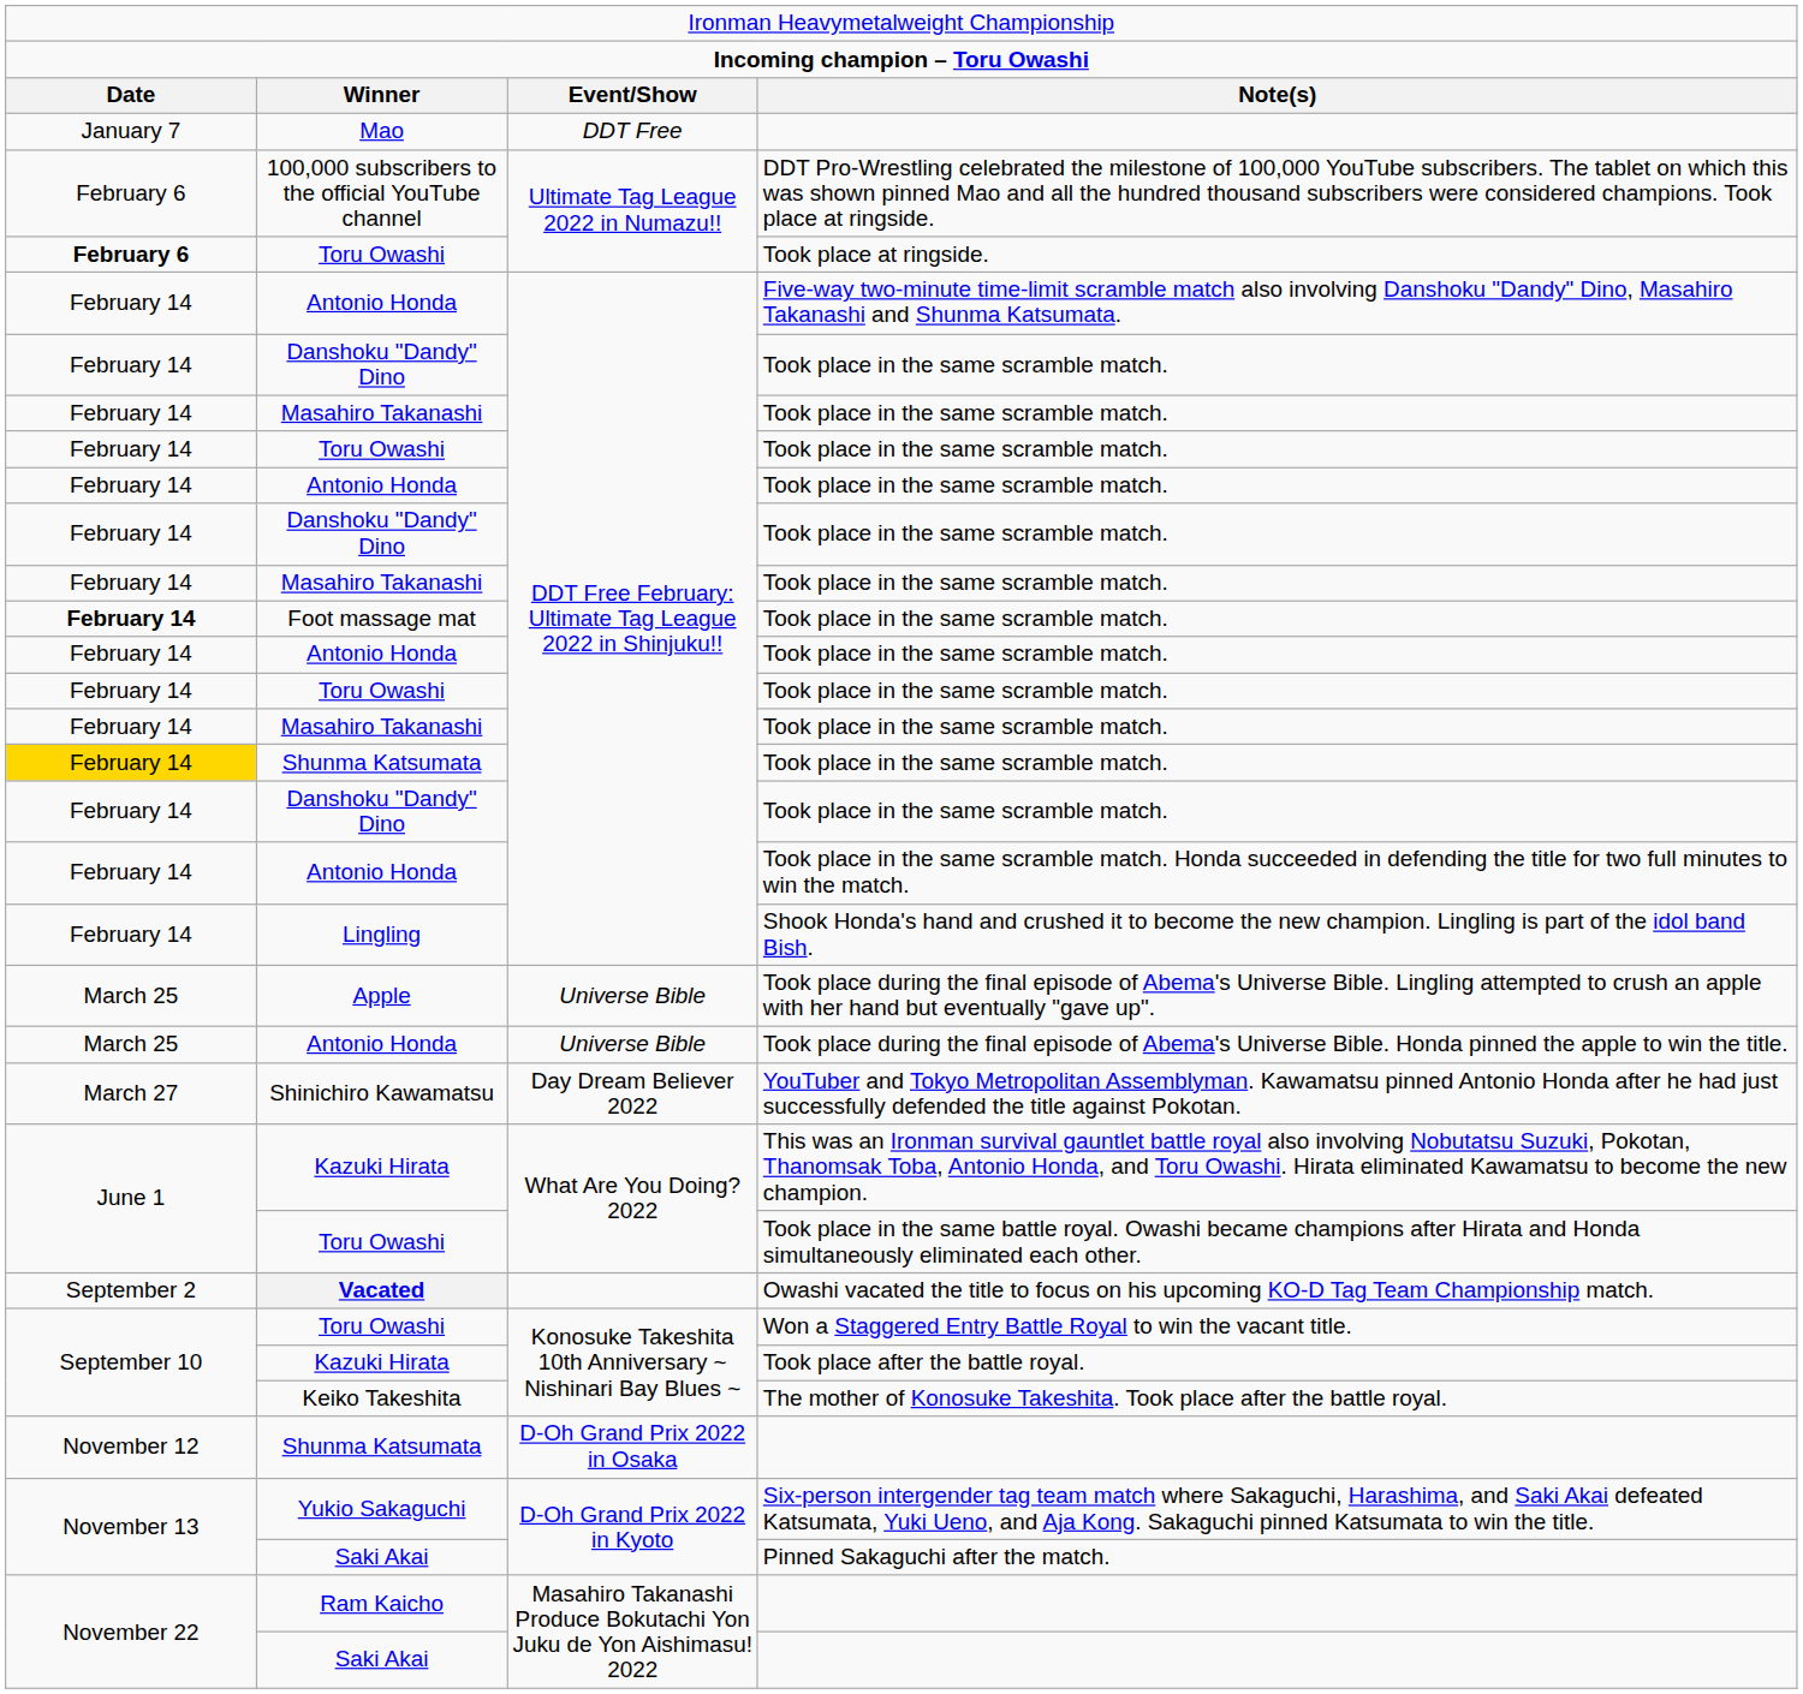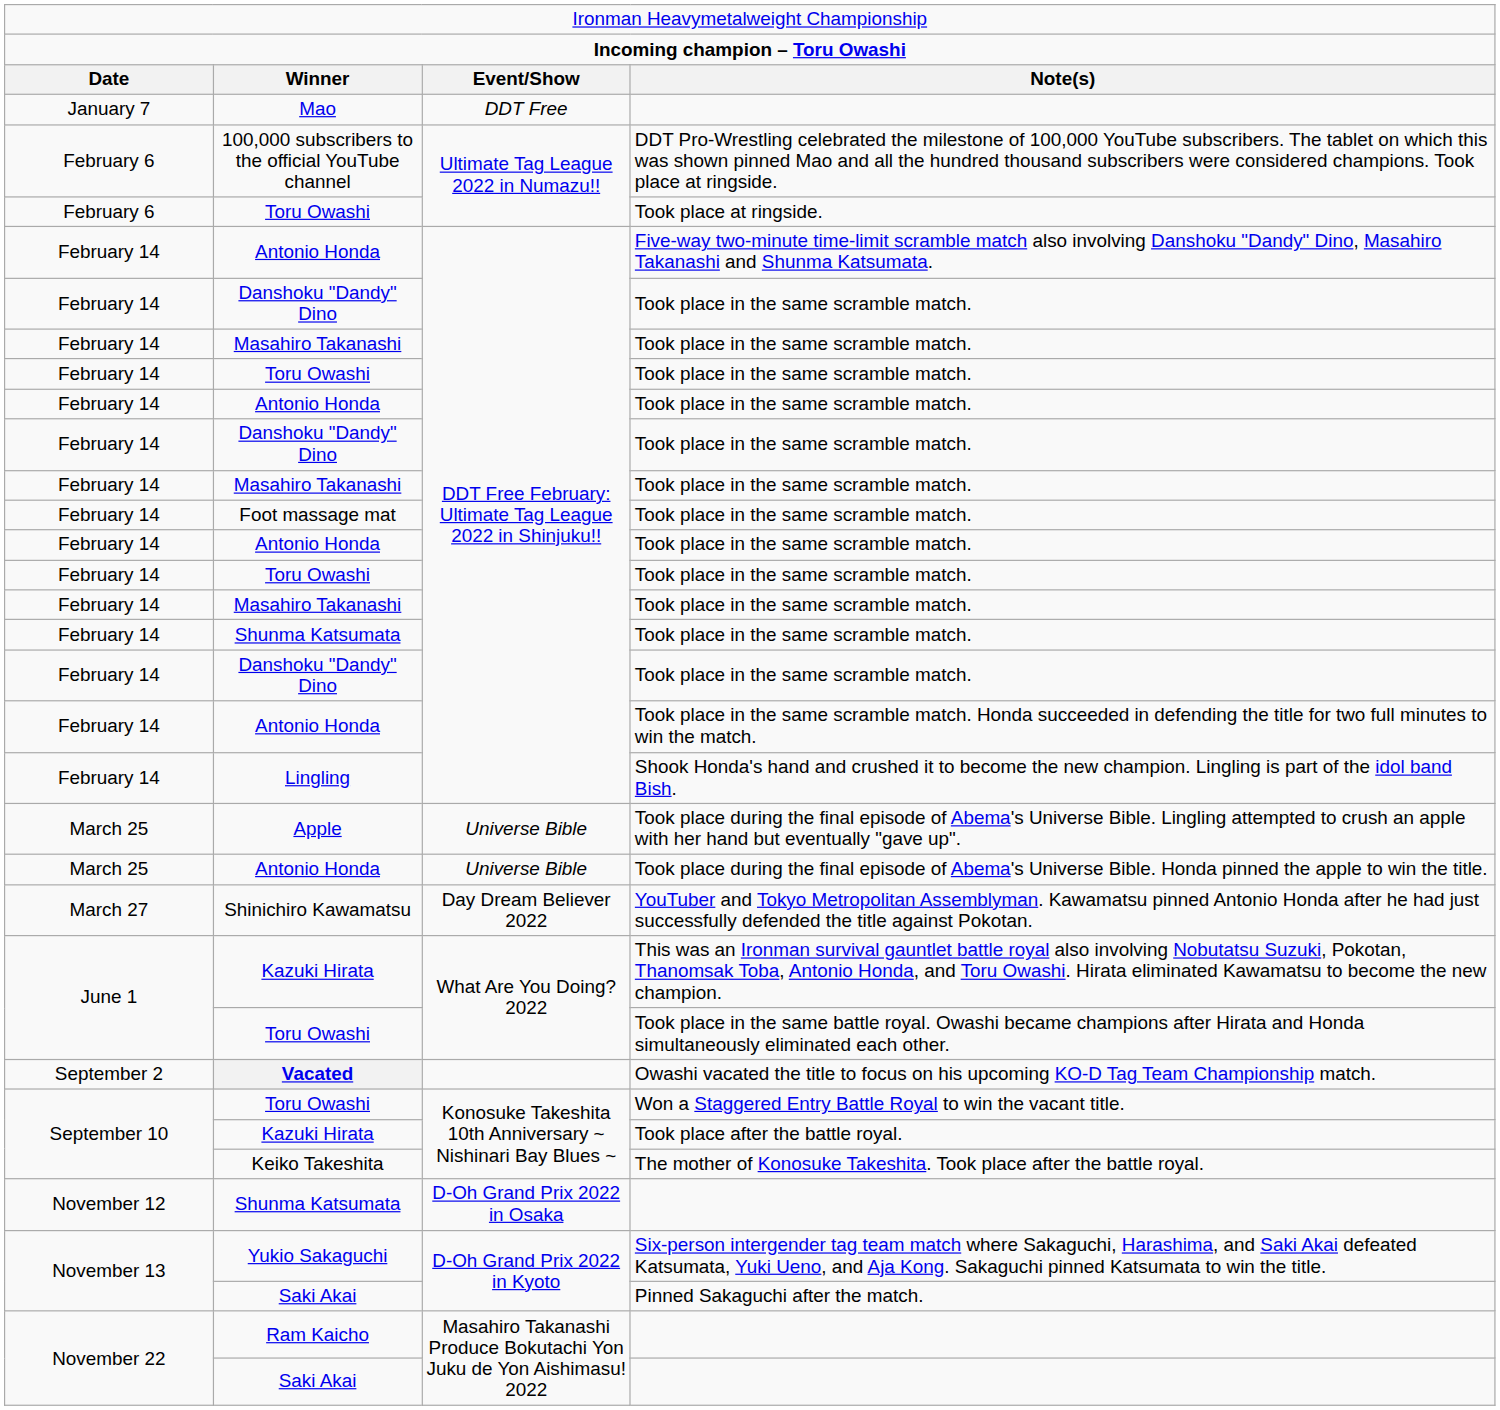 <table class="wikitable" style="text-align:center; width:100%;">
 <tr>
 <td colspan="4" style="text-align: center;"><a href='#'>Ironman Heavymetalweight Championship</a></td>
 </tr>
 <tr>
 <td colspan="4" style="text-align: center;"><strong>Incoming champion – <a href='#'>Toru Owashi</a></strong></td>
 </tr>
 <tr>
 <th width=14%>Date</th>
 <th width=14%>Winner</th>
 <th width=14%>Event/Show</th>
 <th width=58%>Note(s)</th>
 </tr>
 <tr>
 <td>January 7</td>
 <td><a href='#'>Mao</a></td>
 <td><em>DDT Free</em></td>
 <td></td>
 </tr>
 <tr>
 <td>February 6</td>
 <td>100,000 subscribers to the official YouTube channel</td>
 <td rowspan=2><a href='#'>Ultimate Tag League 2022 in Numazu!!</a></td>
 <td align=left>DDT Pro-Wrestling celebrated the milestone of 100,000 YouTube subscribers. The tablet on which this was shown pinned Mao and all the hundred thousand subscribers were considered champions. Took place at ringside.</td>
 </tr>
 <tr>
-<td><strong>February 6</strong></td>
+<td>February 6</td>
 <td><a href='#'>Toru Owashi</a></td>
 <td align=left>Took place at ringside.</td>
 </tr>
 <tr>
 <td>February 14</td>
 <td><a href='#'>Antonio Honda</a></td>
 <td rowspan=15><a href='#'>DDT Free February: Ultimate Tag League 2022 in Shinjuku!!</a></td>
 <td align=left><a href='#'>Five-way two-minute time-limit scramble match</a> also involving <a href='#'>Danshoku "Dandy" Dino</a>, <a href='#'>Masahiro Takanashi</a> and <a href='#'>Shunma Katsumata</a>.</td>
 </tr>
 <tr>
 <td>February 14</td>
 <td><a href='#'>Danshoku "Dandy" Dino</a></td>
 <td align=left>Took place in the same scramble match.</td>
 </tr>
 <tr>
 <td>February 14</td>
 <td><a href='#'>Masahiro Takanashi</a></td>
 <td align=left>Took place in the same scramble match.</td>
 </tr>
 <tr>
 <td>February 14</td>
 <td><a href='#'>Toru Owashi</a></td>
 <td align=left>Took place in the same scramble match.</td>
 </tr>
 <tr>
 <td>February 14</td>
 <td><a href='#'>Antonio Honda</a></td>
 <td align=left>Took place in the same scramble match.</td>
 </tr>
 <tr>
 <td>February 14</td>
 <td><a href='#'>Danshoku "Dandy" Dino</a></td>
 <td align=left>Took place in the same scramble match.</td>
 </tr>
 <tr>
 <td>February 14</td>
 <td><a href='#'>Masahiro Takanashi</a></td>
 <td align=left>Took place in the same scramble match.</td>
 </tr>
 <tr>
-<td><strong>February 14</strong></td>
+<td>February 14</td>
 <td>Foot massage mat</td>
 <td align=left>Took place in the same scramble match.</td>
 </tr>
 <tr>
 <td>February 14</td>
 <td><a href='#'>Antonio Honda</a></td>
 <td align=left>Took place in the same scramble match.</td>
 </tr>
 <tr>
 <td>February 14</td>
 <td><a href='#'>Toru Owashi</a></td>
 <td align=left>Took place in the same scramble match.</td>
 </tr>
 <tr>
 <td>February 14</td>
 <td><a href='#'>Masahiro Takanashi</a></td>
 <td align=left>Took place in the same scramble match.</td>
 </tr>
 <tr>
-<td style="background: gold;">February 14</td>
+<td>February 14</td>
 <td><a href='#'>Shunma Katsumata</a></td>
 <td align=left>Took place in the same scramble match.</td>
 </tr>
 <tr>
 <td>February 14</td>
 <td><a href='#'>Danshoku "Dandy" Dino</a></td>
 <td align=left>Took place in the same scramble match.</td>
 </tr>
 <tr>
 <td>February 14</td>
 <td><a href='#'>Antonio Honda</a></td>
 <td align=left>Took place in the same scramble match. Honda succeeded in defending the title for two full minutes to win the match.</td>
 </tr>
 <tr>
 <td>February 14</td>
 <td><a href='#'>Lingling</a></td>
 <td align=left>Shook Honda's hand and crushed it to become the new champion. Lingling is part of the <a href='#'>idol band</a> <a href='#'>Bish</a>.</td>
 </tr>
 <tr>
 <td>March 25</td>
 <td><a href='#'>Apple</a></td>
 <td><em>Universe Bible</em></td>
 <td align=left>Took place during the final episode of <a href='#'>Abema</a>'s Universe Bible. Lingling attempted to crush an apple with her hand but eventually "gave up".</td>
 </tr>
 <tr>
 <td>March 25</td>
 <td><a href='#'>Antonio Honda</a></td>
 <td><em>Universe Bible</em></td>
 <td align=left>Took place during the final episode of <a href='#'>Abema</a>'s Universe Bible. Honda pinned the apple to win the title.</td>
 </tr>
 <tr>
 <td>March 27</td>
 <td>Shinichiro Kawamatsu</td>
 <td>Day Dream Believer 2022</td>
 <td align=left><a href='#'>YouTuber</a> and <a href='#'>Tokyo Metropolitan Assemblyman</a>. Kawamatsu pinned Antonio Honda after he had just successfully defended the title against Pokotan.</td>
 </tr>
 <tr>
 <td rowspan=2>June 1</td>
 <td><a href='#'>Kazuki Hirata</a></td>
 <td rowspan=2>What Are You Doing? 2022</td>
 <td align=left>This was an <a href='#'>Ironman survival gauntlet battle royal</a> also involving <a href='#'>Nobutatsu Suzuki</a>, Pokotan, <a href='#'>Thanomsak Toba</a>, <a href='#'>Antonio Honda</a>, and <a href='#'>Toru Owashi</a>. Hirata eliminated Kawamatsu to become the new champion.</td>
 </tr>
 <tr>
 <td><a href='#'>Toru Owashi</a></td>
 <td align=left>Took place in the same battle royal. Owashi became champions after Hirata and Honda simultaneously eliminated each other.</td>
 </tr>
 <tr>
 <td>September 2</td>
 <th><a href='#'>Vacated</a></th>
 <td></td>
 <td align=left>Owashi vacated the title to focus on his upcoming <a href='#'>KO-D Tag Team Championship</a> match.</td>
 </tr>
 <tr>
 <td rowspan=3>September 10</td>
 <td><a href='#'>Toru Owashi</a></td>
 <td rowspan=3>Konosuke Takeshita 10th Anniversary ~ Nishinari Bay Blues ~</td>
 <td align=left>Won a <a href='#'>Staggered Entry Battle Royal</a> to win the vacant title.</td>
 </tr>
 <tr>
 <td><a href='#'>Kazuki Hirata</a></td>
 <td align=left>Took place after the battle royal.</td>
 </tr>
 <tr>
 <td>Keiko Takeshita</td>
 <td align=left>The mother of <a href='#'>Konosuke Takeshita</a>. Took place after the battle royal.</td>
 </tr>
 <tr>
 <td>November 12</td>
 <td><a href='#'>Shunma Katsumata</a></td>
 <td><a href='#'>D-Oh Grand Prix 2022 in Osaka</a></td>
 <td></td>
 </tr>
 <tr>
 <td rowspan=2>November 13</td>
 <td><a href='#'>Yukio Sakaguchi</a></td>
 <td rowspan=2><a href='#'>D-Oh Grand Prix 2022 in Kyoto</a></td>
 <td align=left><a href='#'>Six-person intergender tag team match</a> where Sakaguchi, <a href='#'>Harashima</a>, and <a href='#'>Saki Akai</a> defeated Katsumata, <a href='#'>Yuki Ueno</a>, and <a href='#'>Aja Kong</a>. Sakaguchi pinned Katsumata to win the title.</td>
 </tr>
 <tr>
 <td><a href='#'>Saki Akai</a></td>
 <td align=left>Pinned Sakaguchi after the match.</td>
 </tr>
 <tr>
 <td rowspan=2>November 22<br></td>
 <td><a href='#'>Ram Kaicho</a></td>
 <td rowspan=2>Masahiro Takanashi Produce Bokutachi Yon Juku de Yon Aishimasu! 2022</td>
 <td></td>
 </tr>
 <tr>
 <td><a href='#'>Saki Akai</a></td>
 <td></td>
 </tr>
 </table>
